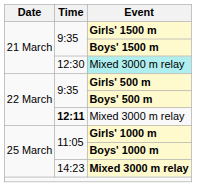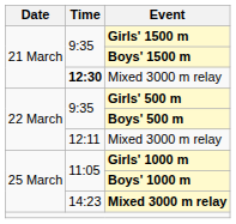 <table class=wikitable>
 <tr>
 <th>Date</th>
 <th>Time</th>
 <th>Event</th>
 </tr>
 <tr>
 <td rowspan=3>21 March</td>
 <td rowspan=2>9:35</td>
 <td style=background:lemonchiffon><strong>Girls' 1500 m</strong></td>
 </tr>
 <tr>
 <td style=background:lemonchiffon><strong>Boys' 1500 m</strong></td>
 </tr>
 <tr>
-<td>12:30</td>
-<td style="background: paleturquoise;">Mixed 3000 m relay</td>
+<td><strong>12:30</strong></td>
+<td>Mixed 3000 m relay</td>
 </tr>
 <tr>
 <td rowspan=3>22 March</td>
 <td rowspan=2>9:35</td>
 <td style=background:lemonchiffon><strong>Girls' 500 m</strong></td>
 </tr>
 <tr>
 <td style=background:lemonchiffon><strong>Boys' 500 m</strong></td>
 </tr>
 <tr>
-<td><strong>12:11</strong></td>
+<td>12:11</td>
 <td>Mixed 3000 m relay</td>
 </tr>
 <tr>
 <td rowspan=3>25 March</td>
 <td rowspan=2>11:05</td>
 <td style=background:lemonchiffon><strong>Girls' 1000 m</strong></td>
 </tr>
 <tr>
 <td style=background:lemonchiffon><strong>Boys' 1000 m</strong></td>
 </tr>
 <tr>
 <td>14:23</td>
 <td style=background:lemonchiffon><strong>Mixed 3000 m relay</strong></td>
 </tr>
 <tr>
 <td colspan=3></td>
 </tr>
 </table>
